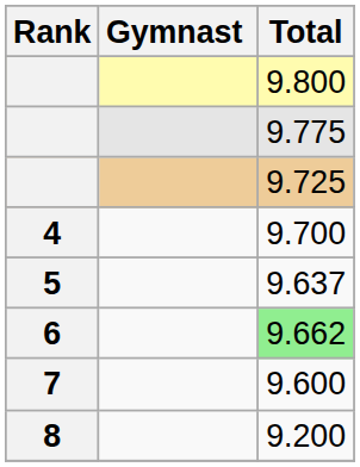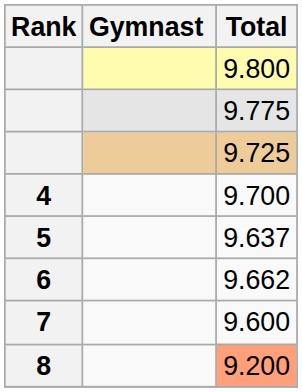 <table class="wikitable sortable" style="text-align:center; font-size:95%">
 <tr>
 <th scope=col>Rank</th>
 <th scope=col>Gymnast </th>
 <th scope=col>Total</th>
 </tr>
 <tr bgcolor=fffcaf>
 <th scope=row style="text-align:center"></th>
 <td align=left> </td>
 <td>9.800</td>
 </tr>
 <tr bgcolor=e5e5e5>
 <th scope=row style="text-align:center"></th>
 <td align=left> </td>
 <td>9.775</td>
 </tr>
 <tr bgcolor=eecc99>
 <th scope=row style="text-align:center"></th>
 <td align=left> </td>
 <td>9.725</td>
 </tr>
 <tr>
 <th scope=row style="text-align:center">4</th>
 <td align=left> </td>
 <td>9.700</td>
 </tr>
 <tr>
 <th scope=row style="text-align:center">5</th>
 <td align=left> </td>
 <td>9.637</td>
 </tr>
 <tr>
 <th scope=row style="text-align:center">6</th>
 <td align=left> </td>
-<td style="background: lightgreen;">9.662</td>
+<td>9.662</td>
 </tr>
 <tr>
 <th scope=row style="text-align:center">7</th>
 <td align=left> </td>
 <td>9.600</td>
 </tr>
 <tr>
 <th scope=row style="text-align:center">8</th>
 <td align=left> </td>
-<td>9.200</td>
+<td style="background: lightsalmon;">9.200</td>
 </tr>
 <tr>
 </tr>
 </table>
